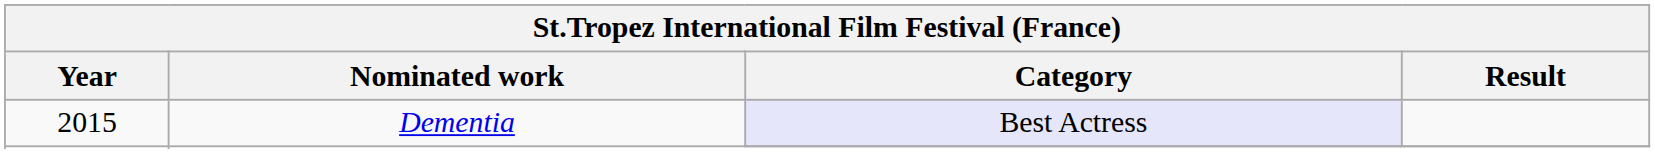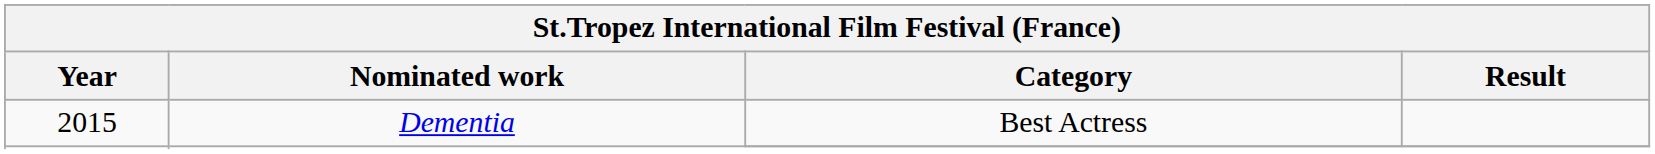 <table width="70%" class="wikitable sortable">
 <tr>
 <th colspan="4" align="center">St.Tropez International Film Festival (France)</th>
 </tr>
 <tr>
 <th width="10%">Year</th>
 <th width="35%">Nominated work</th>
 <th width="40%">Category</th>
 <th width="15%">Result</th>
 </tr>
 <tr>
 <td rowspan = 2 align="center">2015</td>
 <td rowspan = 2 align="center"><em><a href='#'>Dementia</a></em></td>
-<td align="center" style="background: lavender;">Best Actress</td>
+<td align="center">Best Actress</td>
 <td></td>
 </tr>
 <tr>
 </tr>
 </table>
